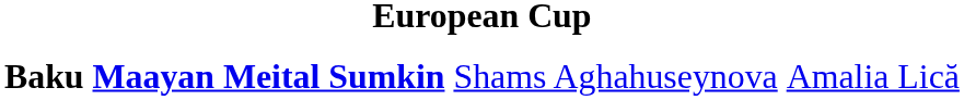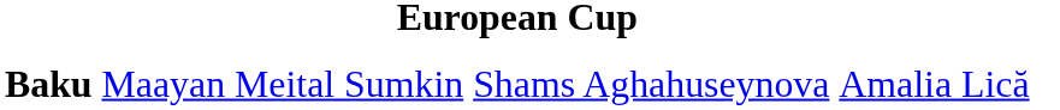 <table>
 <tr>
 <td colspan="4" style="text-align:center;"><strong>European Cup</strong></td>
 </tr>
 <tr>
 <th scope=row style="text-align:left">Baku</th>
-<td style="height:30px;"><strong> <a href='#'>Maayan Meital Sumkin</a></strong></td>
+<td style="height:30px;"> <a href='#'>Maayan Meital Sumkin</a></td>
 <td style="height:30px;"> <a href='#'>Shams Aghahuseynova</a></td>
 <td style="height:30px;"> <a href='#'>Amalia Lică</a></td>
 </tr>
 <tr>
 </tr>
 </table>
